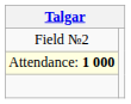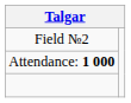 <table class="wikitable" style="text-align:center;">
 <tr>
 <th colspan=2 align="center"><a href='#'>Talgar</a></th>
 </tr>
 <tr>
 <td>Field №2</td>
 <td rowspan=3 align="center"></td>
 </tr>
 <tr>
-<td style="background: lightyellow;">Attendance: <strong>1 000</strong></td>
+<td>Attendance: <strong>1 000</strong></td>
 </tr>
 <tr>
 <td> </td>
 </tr>
 </table>
